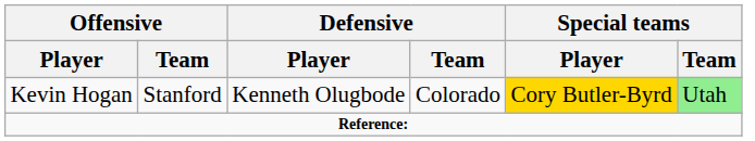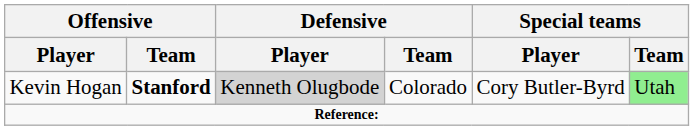 <table class="wikitable">
 <tr>
 <th colspan="2">Offensive</th>
 <th colspan="2">Defensive</th>
 <th colspan="2">Special teams</th>
 </tr>
 <tr>
 <th>Player</th>
 <th>Team</th>
 <th>Player</th>
 <th>Team</th>
 <th>Player</th>
 <th>Team</th>
 </tr>
 <tr>
 <td>Kevin Hogan</td>
-<td>Stanford</td>
-<td>Kenneth Olugbode</td>
+<td><strong>Stanford</strong></td>
+<td style="background: lightgrey;">Kenneth Olugbode</td>
 <td>Colorado</td>
-<td style="background: gold;">Cory Butler-Byrd</td>
+<td>Cory Butler-Byrd</td>
 <td style="background: lightgreen;">Utah</td>
 </tr>
 <tr>
 <td colspan="12"  style="font-size:8pt; text-align:center;"><strong>Reference:</strong></td>
 </tr>
 </table>
